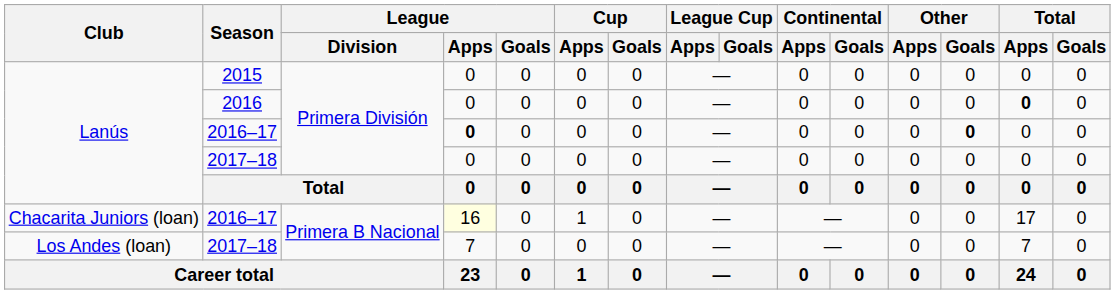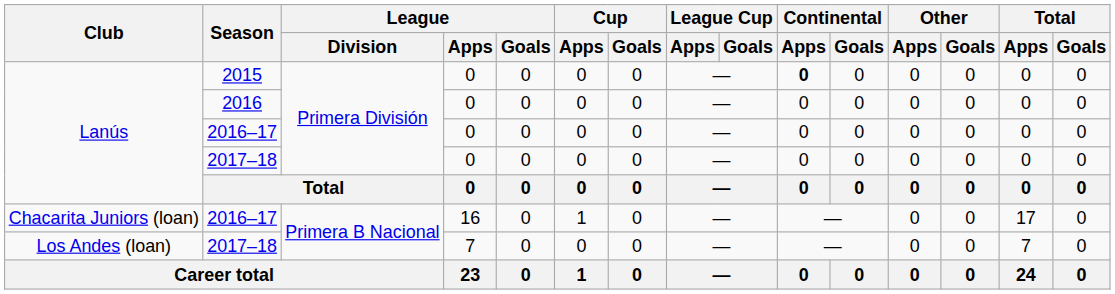 <table class="wikitable" style="text-align:center">
 <tr>
 <th rowspan="2">Club</th>
 <th rowspan="2">Season</th>
 <th colspan="3">League</th>
 <th colspan="2">Cup</th>
 <th colspan="2">League Cup</th>
 <th colspan="2">Continental</th>
 <th colspan="2">Other</th>
 <th colspan="2">Total</th>
 </tr>
 <tr>
 <th>Division</th>
 <th>Apps</th>
 <th>Goals</th>
 <th>Apps</th>
 <th>Goals</th>
 <th>Apps</th>
 <th>Goals</th>
 <th>Apps</th>
 <th>Goals</th>
 <th>Apps</th>
 <th>Goals</th>
 <th>Apps</th>
 <th>Goals</th>
 </tr>
 <tr>
 <td rowspan="5"><a href='#'>Lanús</a></td>
 <td><a href='#'>2015</a></td>
 <td rowspan="4"><a href='#'>Primera División</a></td>
 <td>0</td>
 <td>0</td>
 <td>0</td>
 <td>0</td>
 <td colspan="2">—</td>
-<td>0</td>
+<td><strong>0</strong></td>
 <td>0</td>
 <td>0</td>
 <td>0</td>
 <td>0</td>
 <td>0</td>
 </tr>
 <tr>
 <td><a href='#'>2016</a></td>
 <td>0</td>
 <td>0</td>
 <td>0</td>
 <td>0</td>
 <td colspan="2">—</td>
 <td>0</td>
 <td>0</td>
 <td>0</td>
 <td>0</td>
-<td><strong>0</strong></td>
+<td>0</td>
 <td>0</td>
 </tr>
 <tr>
 <td><a href='#'>2016–17</a></td>
-<td><strong>0</strong></td>
+<td>0</td>
 <td>0</td>
 <td>0</td>
 <td>0</td>
 <td colspan="2">—</td>
 <td>0</td>
 <td>0</td>
 <td>0</td>
-<td><strong>0</strong></td>
+<td>0</td>
 <td>0</td>
 <td>0</td>
 </tr>
 <tr>
 <td><a href='#'>2017–18</a></td>
 <td>0</td>
 <td>0</td>
 <td>0</td>
 <td>0</td>
 <td colspan="2">—</td>
 <td>0</td>
 <td>0</td>
 <td>0</td>
 <td>0</td>
 <td>0</td>
 <td>0</td>
 </tr>
 <tr>
 <th colspan="2">Total</th>
 <th>0</th>
 <th>0</th>
 <th>0</th>
 <th>0</th>
 <th colspan="2">—</th>
 <th>0</th>
 <th>0</th>
 <th>0</th>
 <th>0</th>
 <th>0</th>
 <th>0</th>
 </tr>
 <tr>
 <td rowspan="1"><a href='#'>Chacarita Juniors</a> (loan)</td>
 <td><a href='#'>2016–17</a></td>
 <td rowspan="2"><a href='#'>Primera B Nacional</a></td>
-<td style="background: lightyellow;">16</td>
+<td>16</td>
 <td>0</td>
 <td>1</td>
 <td>0</td>
 <td colspan="2">—</td>
 <td colspan="2">—</td>
 <td>0</td>
 <td>0</td>
 <td>17</td>
 <td>0</td>
 </tr>
 <tr>
 <td rowspan="1"><a href='#'>Los Andes</a> (loan)</td>
 <td><a href='#'>2017–18</a></td>
 <td>7</td>
 <td>0</td>
 <td>0</td>
 <td>0</td>
 <td colspan="2">—</td>
 <td colspan="2">—</td>
 <td>0</td>
 <td>0</td>
 <td>7</td>
 <td>0</td>
 </tr>
 <tr>
 <th colspan="3">Career total</th>
 <th>23</th>
 <th>0</th>
 <th>1</th>
 <th>0</th>
 <th colspan="2">—</th>
 <th>0</th>
 <th>0</th>
 <th>0</th>
 <th>0</th>
 <th>24</th>
 <th>0</th>
 </tr>
 </table>
